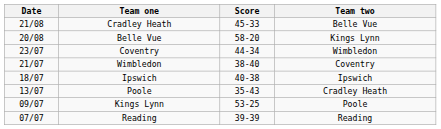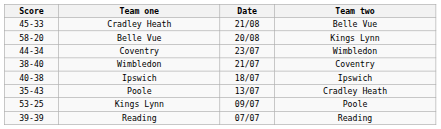 <table class="wikitable" style="text-align: center">
 <tr>
+<th width=80>Score</th>
+<th width=250>Team one</th>
 <th width=80>Date</th>
-<th width=250>Team one</th>
-<th width=80>Score</th>
 <th width=250>Team two</th>
 </tr>
 <tr>
+<td>45-33</td>
+<td>Cradley Heath</td>
 <td>21/08</td>
-<td>Cradley Heath</td>
-<td>45-33</td>
 <td>Belle Vue</td>
 </tr>
 <tr>
+<td>58-20</td>
+<td>Belle Vue</td>
 <td>20/08</td>
-<td>Belle Vue</td>
-<td>58-20</td>
 <td>Kings Lynn</td>
 </tr>
 <tr>
+<td>44-34</td>
+<td>Coventry</td>
 <td>23/07</td>
-<td>Coventry</td>
-<td>44-34</td>
 <td>Wimbledon</td>
 </tr>
 <tr>
+<td>38-40</td>
+<td>Wimbledon</td>
 <td>21/07</td>
-<td>Wimbledon</td>
-<td>38-40</td>
 <td>Coventry</td>
 </tr>
 <tr>
+<td>40-38</td>
+<td>Ipswich</td>
 <td>18/07</td>
-<td>Ipswich</td>
-<td>40-38</td>
 <td>Ipswich</td>
 </tr>
 <tr>
+<td>35-43</td>
+<td>Poole</td>
 <td>13/07</td>
-<td>Poole</td>
-<td>35-43</td>
 <td>Cradley Heath</td>
 </tr>
 <tr>
+<td>53-25</td>
+<td>Kings Lynn</td>
 <td>09/07</td>
-<td>Kings Lynn</td>
-<td>53-25</td>
 <td>Poole</td>
 </tr>
 <tr>
+<td>39-39</td>
+<td>Reading</td>
 <td>07/07</td>
-<td>Reading</td>
-<td>39-39</td>
 <td>Reading</td>
 </tr>
 </table>
